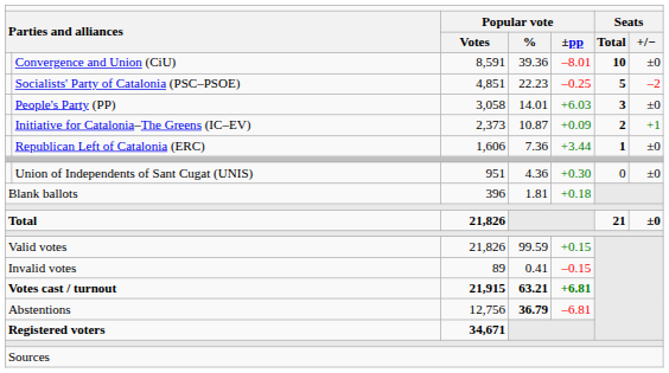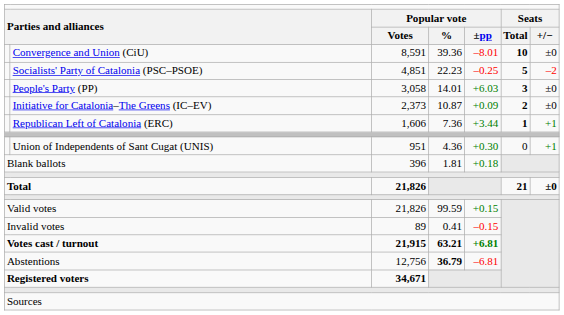 <table class="wikitable" style="text-align:right;">
 <tr>
 <td colspan="7"></td>
 </tr>
 <tr>
 <th style="text-align:left;" rowspan="2" colspan="2" width="525">Parties and alliances</th>
 <th colspan="3">Popular vote</th>
 <th colspan="2">Seats</th>
 </tr>
 <tr>
 <th width="75">Votes</th>
 <th width="45">%</th>
 <th width="45">±<a href='#'>pp</a></th>
 <th width="35">Total</th>
 <th width="35">+/−</th>
 </tr>
 <tr>
 <td width="1" style="color:inherit;background:"></td>
 <td align="left"><a href='#'>Convergence and Union</a> (CiU)</td>
 <td>8,591</td>
 <td>39.36</td>
 <td style="color:red;">–8.01</td>
 <td><strong>10</strong></td>
 <td>±0</td>
 </tr>
 <tr>
 <td style="color:inherit;background:"></td>
 <td align="left"><a href='#'>Socialists' Party of Catalonia</a> (PSC–PSOE)</td>
 <td>4,851</td>
 <td>22.23</td>
 <td style="color:red;">–0.25</td>
 <td><strong>5</strong></td>
 <td style="color:red;">–2</td>
 </tr>
 <tr>
 <td style="color:inherit;background:"></td>
 <td align="left"><a href='#'>People's Party</a> (PP)</td>
 <td>3,058</td>
 <td>14.01</td>
 <td style="color:green;">+6.03</td>
 <td><strong>3</strong></td>
 <td>±0</td>
 </tr>
 <tr>
 <td style="color:inherit;background:"></td>
 <td align="left"><a href='#'>Initiative for Catalonia</a>–<a href='#'>The Greens</a> (IC–EV)</td>
 <td>2,373</td>
 <td>10.87</td>
 <td style="color:green;">+0.09</td>
 <td><strong>2</strong></td>
-<td style="color:green;">+1</td>
+<td>±0</td>
 </tr>
 <tr>
 <td style="color:inherit;background:"></td>
 <td align="left"><a href='#'>Republican Left of Catalonia</a> (ERC)</td>
 <td>1,606</td>
 <td>7.36</td>
 <td style="color:green;">+3.44</td>
 <td><strong>1</strong></td>
-<td>±0</td>
+<td style="color:green;">+1</td>
 </tr>
 <tr>
 <td colspan="7" style="color:inherit;background:#C0C0C0"></td>
 </tr>
 <tr>
 <td style="color:inherit;background:"></td>
 <td align="left">Union of Independents of Sant Cugat (UNIS)</td>
 <td>951</td>
 <td>4.36</td>
 <td style="color:green;">+0.30</td>
 <td>0</td>
-<td>±0</td>
+<td style="color:green;">+1</td>
 </tr>
 <tr>
 <td align="left" colspan="2">Blank ballots</td>
 <td>396</td>
 <td>1.81</td>
 <td style="color:green;">+0.18</td>
 <td style="color:inherit;background:#E9E9E9" colspan="2"></td>
 </tr>
 <tr>
 <td colspan="7" style="color:inherit;background:#E9E9E9"></td>
 </tr>
 <tr style="font-weight:bold;">
 <td align="left" colspan="2">Total</td>
 <td>21,826</td>
 <td bgcolor="#E9E9E9" colspan="2"></td>
 <td>21</td>
 <td>±0</td>
 </tr>
 <tr>
 <td colspan="7" style="color:inherit;background:#E9E9E9"></td>
 </tr>
 <tr>
 <td align="left" colspan="2">Valid votes</td>
 <td>21,826</td>
 <td>99.59</td>
 <td style="color:green;">+0.15</td>
 <td bgcolor="#E9E9E9" colspan="2" rowspan="5"></td>
 </tr>
 <tr>
 <td align="left" colspan="2">Invalid votes</td>
 <td>89</td>
 <td>0.41</td>
 <td style="color:red;">–0.15</td>
 </tr>
 <tr style="font-weight:bold;">
 <td align="left" colspan="2">Votes cast / turnout</td>
 <td>21,915</td>
 <td>63.21</td>
 <td style="color:green;">+6.81</td>
 </tr>
 <tr>
 <td align="left" colspan="2">Abstentions</td>
 <td>12,756</td>
 <td><strong>36.79</strong></td>
 <td style="color:red;">–6.81</td>
 </tr>
 <tr style="font-weight:bold;">
 <td align="left" colspan="2">Registered voters</td>
 <td>34,671</td>
 <td bgcolor="#E9E9E9" colspan="2"></td>
 </tr>
 <tr>
 <td colspan="7" style="color:inherit;background:#E9E9E9"></td>
 </tr>
 <tr>
 <td align="left" colspan="7">Sources</td>
 </tr>
 </table>
